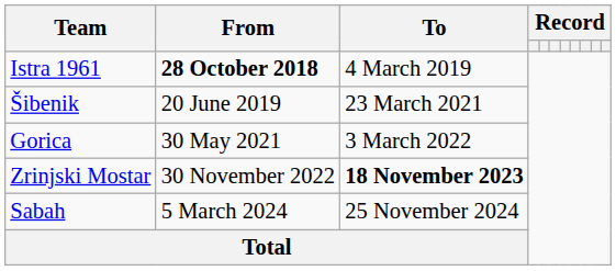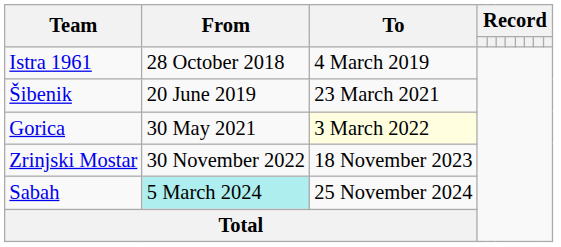 <table class=wikitable style="text-align: center">
 <tr>
 <th rowspan=2>Team</th>
 <th rowspan=2>From</th>
 <th rowspan=2>To</th>
 <th colspan=8>Record</th>
 </tr>
 <tr>
 <th></th>
 <th></th>
 <th></th>
 <th></th>
 <th></th>
 <th></th>
 <th></th>
 <th></th>
 </tr>
 <tr>
 <td align=left><a href='#'>Istra 1961</a></td>
-<td align=left><strong>28 October 2018</strong></td>
+<td align=left>28 October 2018</td>
 <td align=left>4 March 2019<br></td>
 </tr>
 <tr>
 <td align=left><a href='#'>Šibenik</a></td>
 <td align=left>20 June 2019</td>
 <td align=left>23 March 2021<br></td>
 </tr>
 <tr>
 <td align=left><a href='#'>Gorica</a></td>
 <td align=left>30 May 2021</td>
-<td align=left>3 March 2022<br></td>
+<td align=left style="background: lightyellow;">3 March 2022<br></td>
 </tr>
 <tr>
 <td align=left><a href='#'>Zrinjski Mostar</a></td>
 <td align=left>30 November 2022</td>
-<td align=left><strong>18 November 2023<br></strong></td>
+<td align=left>18 November 2023<br></td>
 </tr>
 <tr>
 <td align=left><a href='#'>Sabah</a></td>
-<td align=left>5 March 2024</td>
+<td align=left style="background: paleturquoise;">5 March 2024</td>
 <td align=left>25 November 2024<br></td>
 </tr>
 <tr>
 <th colspan=3>Total<br></th>
 </tr>
 </table>
